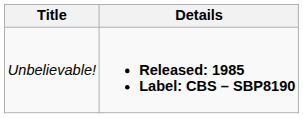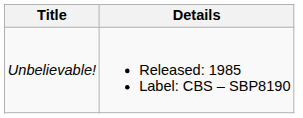 <table class="wikitable">
 <tr>
 <th>Title</th>
 <th>Details</th>
 </tr>
 <tr>
 <td scope="row"><em>Unbelievable!</em></td>
-<td><strong><br><ul><li>Released: 1985</li><li>Label: CBS – SBP8190</li></ul></strong></td>
+<td><br><ul><li>Released: 1985</li><li>Label: CBS – SBP8190</li></ul></td>
 </tr>
 </table>
